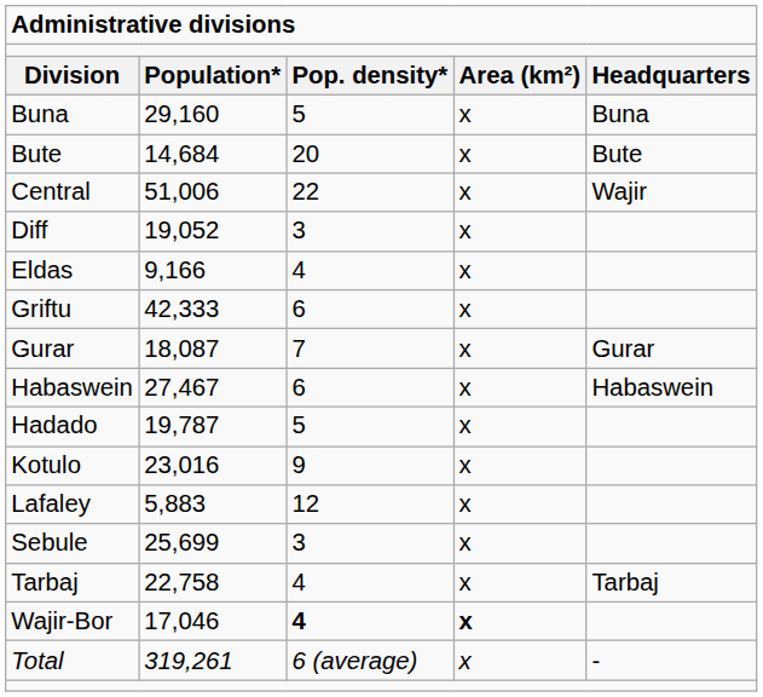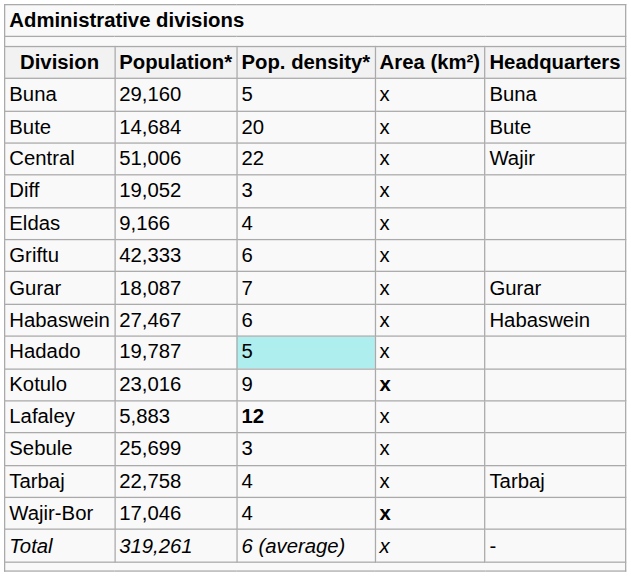 <table class="wikitable">
 <tr>
 <td colspan="5"><strong>Administrative divisions</strong></td>
 </tr>
 <tr>
 <td colspan="5"></td>
 </tr>
 <tr>
 <th>Division</th>
 <th>Population*</th>
 <th>Pop. density*</th>
 <th>Area (km²)</th>
 <th>Headquarters</th>
 </tr>
 <tr>
 <td>Buna</td>
 <td>29,160</td>
 <td>5</td>
 <td>x</td>
 <td>Buna</td>
 </tr>
 <tr>
 <td>Bute</td>
 <td>14,684</td>
 <td>20</td>
 <td>x</td>
 <td>Bute</td>
 </tr>
 <tr>
 <td>Central</td>
 <td>51,006</td>
 <td>22</td>
 <td>x</td>
 <td>Wajir</td>
 </tr>
 <tr>
 <td>Diff</td>
 <td>19,052</td>
 <td>3</td>
 <td>x</td>
 <td></td>
 </tr>
 <tr>
 <td>Eldas</td>
 <td>9,166</td>
 <td>4</td>
 <td>x</td>
 <td></td>
 </tr>
 <tr>
 <td>Griftu</td>
 <td>42,333</td>
 <td>6</td>
 <td>x</td>
 <td></td>
 </tr>
 <tr>
 <td>Gurar</td>
 <td>18,087</td>
 <td>7</td>
 <td>x</td>
 <td>Gurar</td>
 </tr>
 <tr>
 <td>Habaswein</td>
 <td>27,467</td>
 <td>6</td>
 <td>x</td>
 <td>Habaswein</td>
 </tr>
 <tr>
 <td>Hadado</td>
 <td>19,787</td>
-<td>5</td>
+<td style="background: paleturquoise;">5</td>
 <td>x</td>
 <td></td>
 </tr>
 <tr>
 <td>Kotulo</td>
 <td>23,016</td>
 <td>9</td>
-<td>x</td>
+<td><strong>x</strong></td>
 <td></td>
 </tr>
 <tr>
 <td>Lafaley</td>
 <td>5,883</td>
-<td>12</td>
+<td><strong>12</strong></td>
 <td>x</td>
 <td></td>
 </tr>
 <tr>
 <td>Sebule</td>
 <td>25,699</td>
 <td>3</td>
 <td>x</td>
 <td></td>
 </tr>
 <tr>
 <td>Tarbaj</td>
 <td>22,758</td>
 <td>4</td>
 <td>x</td>
 <td>Tarbaj</td>
 </tr>
 <tr>
 <td>Wajir-Bor</td>
 <td>17,046</td>
-<td><strong>4</strong></td>
+<td>4</td>
 <td><strong>x</strong></td>
 <td></td>
 </tr>
 <tr>
 <td><em>Total</em></td>
 <td><em>319,261</em></td>
 <td><em>6 (average)</em></td>
 <td><em>x</em></td>
 <td>-</td>
 </tr>
 <tr>
 <td colspan="5"></td>
 </tr>
 </table>
